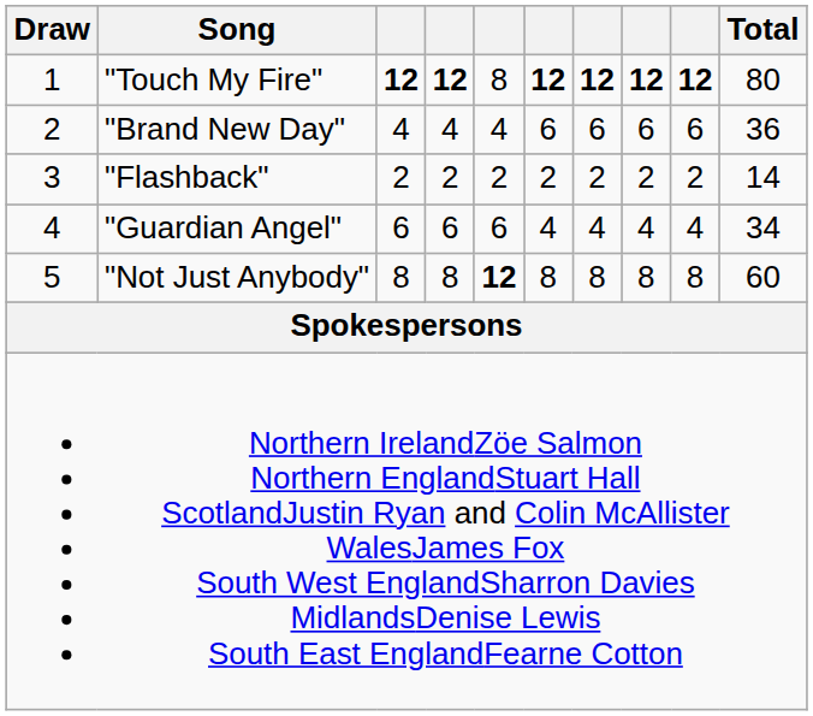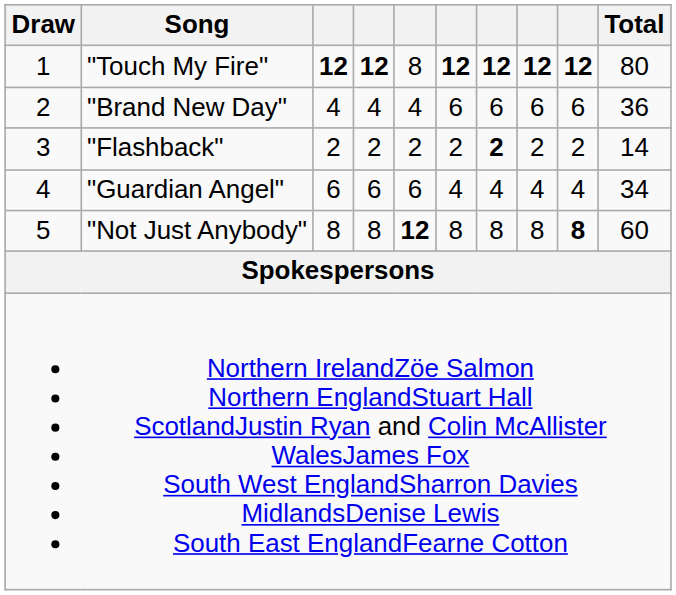 <table class="wikitable plainrowheaders" style="margin: 1em auto 1em auto; text-align:center;">
 <tr>
 <th>Draw</th>
 <th>Song</th>
 <th></th>
 <th></th>
 <th></th>
 <th></th>
 <th></th>
 <th></th>
 <th></th>
 <th>Total</th>
 </tr>
 <tr>
 <td>1</td>
 <td align="left">"Touch My Fire"</td>
 <td><strong>12</strong></td>
 <td><strong>12</strong></td>
 <td>8</td>
 <td><strong>12</strong></td>
 <td><strong>12</strong></td>
 <td><strong>12</strong></td>
 <td><strong>12</strong></td>
 <td>80</td>
 </tr>
 <tr>
 <td>2</td>
 <td align="left">"Brand New Day"</td>
 <td>4</td>
 <td>4</td>
 <td>4</td>
 <td>6</td>
 <td>6</td>
 <td>6</td>
 <td>6</td>
 <td>36</td>
 </tr>
 <tr>
 <td>3</td>
 <td align="left">"Flashback"</td>
 <td>2</td>
 <td>2</td>
 <td>2</td>
 <td>2</td>
-<td>2</td>
+<td><strong>2</strong></td>
 <td>2</td>
 <td>2</td>
 <td>14</td>
 </tr>
 <tr>
 <td>4</td>
 <td align="left">"Guardian Angel"</td>
 <td>6</td>
 <td>6</td>
 <td>6</td>
 <td>4</td>
 <td>4</td>
 <td>4</td>
 <td>4</td>
 <td>34</td>
 </tr>
 <tr>
 <td>5</td>
 <td align="left">"Not Just Anybody"</td>
 <td>8</td>
 <td>8</td>
 <td><strong>12</strong></td>
 <td>8</td>
 <td>8</td>
 <td>8</td>
-<td>8</td>
+<td><strong>8</strong></td>
 <td>60</td>
 </tr>
 <tr class="sortbottom">
 <th colspan="10">Spokespersons</th>
 </tr>
 <tr class="sortbottom">
 <td colspan="10"><br><ul><li><a href='#'>Northern Ireland</a><a href='#'>Zöe Salmon</a></li><li><a href='#'>Northern England</a><a href='#'>Stuart Hall</a></li><li><a href='#'>Scotland</a><a href='#'>Justin Ryan</a> and <a href='#'>Colin McAllister</a></li><li><a href='#'>Wales</a><a href='#'>James Fox</a></li><li><a href='#'>South West England</a><a href='#'>Sharron Davies</a></li><li><a href='#'>Midlands</a><a href='#'>Denise Lewis</a></li><li><a href='#'>South East England</a><a href='#'>Fearne Cotton</a></li></ul></td>
 </tr>
 </table>
